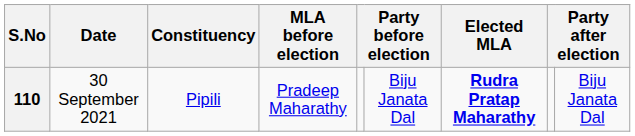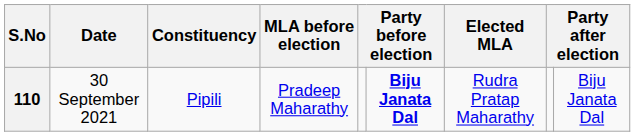 <table class="wikitable sortable" style="text-align:center;">
 <tr>
 <th>S.No</th>
 <th>Date</th>
 <th>Constituency</th>
 <th>MLA before election</th>
 <th colspan="2">Party before election</th>
 <th>Elected MLA</th>
 <th colspan="2">Party after election</th>
 </tr>
 <tr>
 <th>110</th>
 <td>30 September 2021</td>
 <td><a href='#'>Pipili</a></td>
 <td><a href='#'>Pradeep Maharathy</a></td>
 <td></td>
-<td><a href='#'>Biju Janata Dal</a></td>
-<td><strong><a href='#'>Rudra Pratap Maharathy</a></strong></td>
+<td><strong><a href='#'>Biju Janata Dal</a></strong></td>
+<td><a href='#'>Rudra Pratap Maharathy</a></td>
 <td></td>
 <td><a href='#'>Biju Janata Dal</a></td>
 </tr>
 </table>
